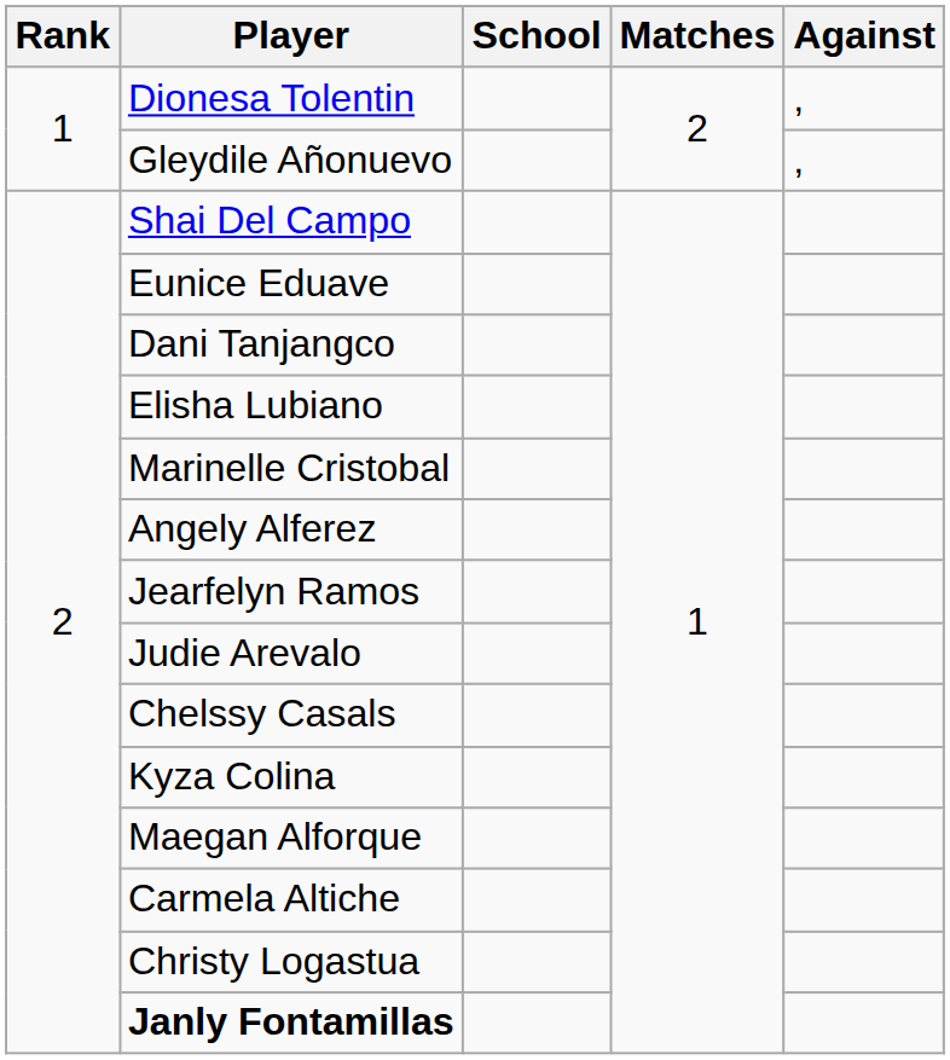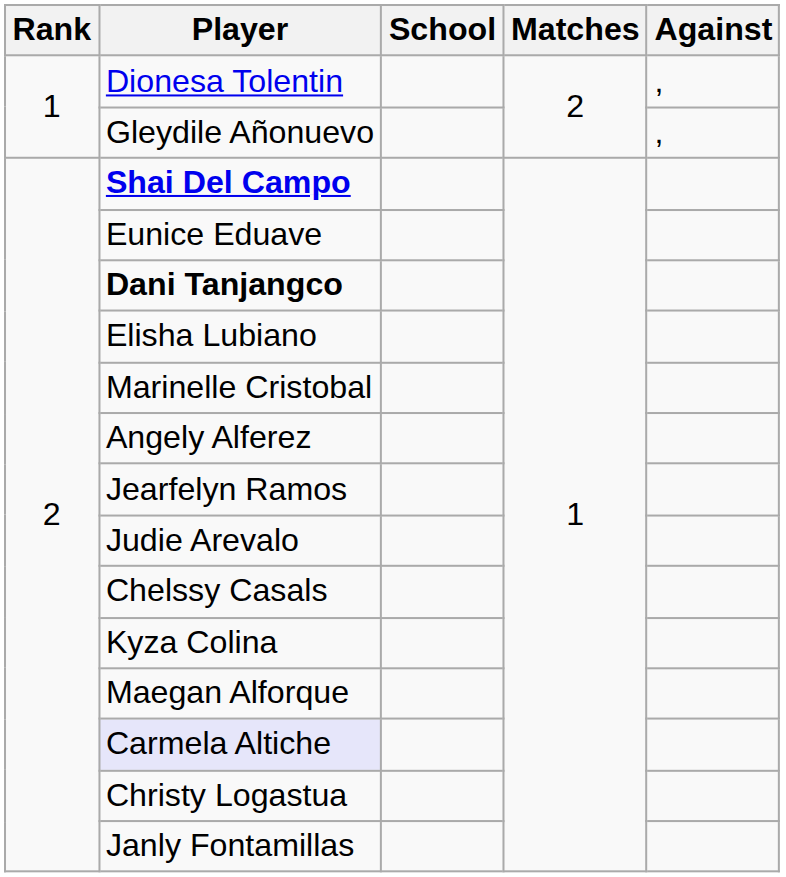 <table class="wikitable" style="text-align:center">
 <tr>
 <th>Rank</th>
 <th>Player</th>
 <th>School</th>
 <th>Matches</th>
 <th>Against</th>
 </tr>
 <tr>
 <td rowspan=2>1</td>
 <td align="left"> <a href='#'>Dionesa Tolentin</a></td>
 <td align="left"></td>
 <td rowspan=2>2</td>
 <td align="left">,</td>
 </tr>
 <tr>
 <td align="left"> Gleydile Añonuevo</td>
 <td align="left"></td>
 <td align="left">,</td>
 </tr>
 <tr>
 <td rowspan=14>2</td>
-<td align="left"> <a href='#'>Shai Del Campo</a></td>
+<td align="left"><strong> <a href='#'>Shai Del Campo</a></strong></td>
 <td align="left"></td>
 <td rowspan=14>1</td>
 <td align="left"></td>
 </tr>
 <tr>
 <td align="left"> Eunice Eduave</td>
 <td align="left"></td>
 <td align="left"></td>
 </tr>
 <tr>
-<td align="left"> Dani Tanjangco</td>
+<td align="left"><strong> Dani Tanjangco</strong></td>
 <td align="left"></td>
 <td align="left"></td>
 </tr>
 <tr>
 <td align="left"> Elisha Lubiano</td>
 <td align="left"></td>
 <td align="left"></td>
 </tr>
 <tr>
 <td align="left"> Marinelle Cristobal</td>
 <td align="left"></td>
 <td align="left"></td>
 </tr>
 <tr>
 <td align="left"> Angely Alferez</td>
 <td align="left"></td>
 <td align="left"></td>
 </tr>
 <tr>
 <td align="left"> Jearfelyn Ramos</td>
 <td align="left"></td>
 <td align="left"></td>
 </tr>
 <tr>
 <td align="left"> Judie Arevalo</td>
 <td align="left"></td>
 <td align="left"></td>
 </tr>
 <tr>
 <td align="left"> Chelssy Casals</td>
 <td align="left"></td>
 <td align="left"></td>
 </tr>
 <tr>
 <td align="left"> Kyza Colina</td>
 <td align="left"></td>
 <td align="left"></td>
 </tr>
 <tr>
 <td align="left"> Maegan Alforque</td>
 <td align="left"></td>
 <td align="left"></td>
 </tr>
 <tr>
-<td align="left"> Carmela Altiche</td>
+<td align="left" style="background: lavender;"> Carmela Altiche</td>
 <td align="left"></td>
 <td align="left"></td>
 </tr>
 <tr>
 <td align="left"> Christy Logastua</td>
 <td align="left"></td>
 <td align="left"></td>
 </tr>
 <tr>
-<td align="left"><strong> Janly Fontamillas</strong></td>
+<td align="left"> Janly Fontamillas</td>
 <td align="left"></td>
 <td align="left"></td>
 </tr>
 </table>
